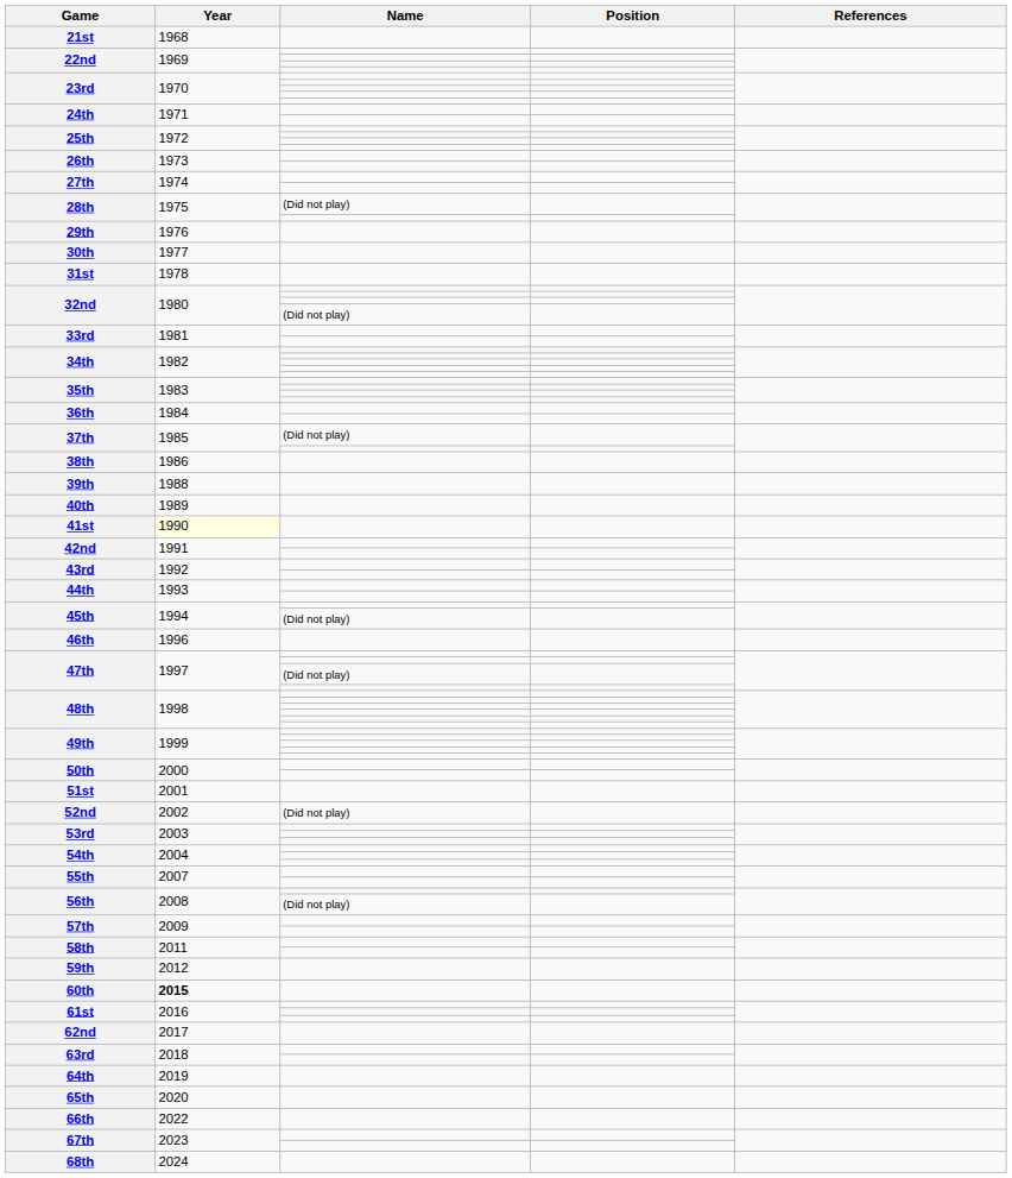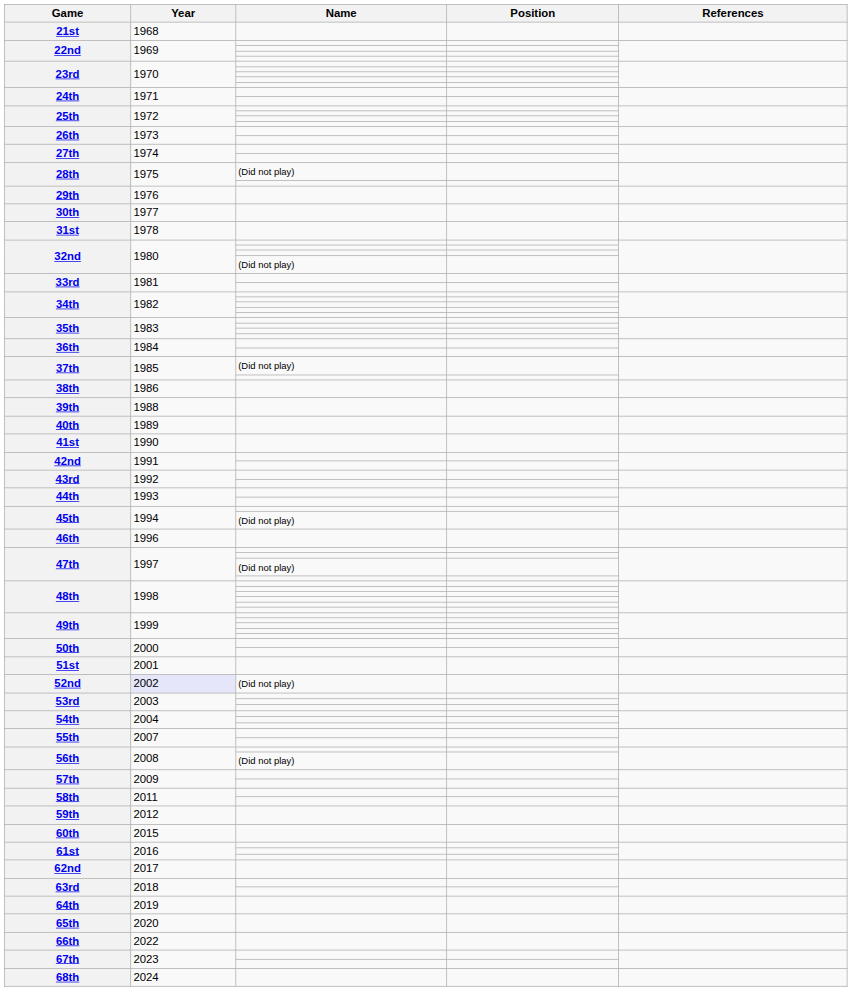 <table class="wikitable sortable" width="75%">
 <tr>
 <th scope="col">Game</th>
 <th scope="col">Year</th>
 <th scope="col">Name</th>
 <th scope="col">Position</th>
 <th scope="col" class="unsortable">References</th>
 </tr>
 <tr>
 <th scope="row"><a href='#'>21st</a></th>
 <td>1968</td>
 <td></td>
 <td></td>
 <td></td>
 </tr>
 <tr>
 <th scope="row" rowspan="4"><a href='#'>22nd</a></th>
 <td rowspan="4">1969</td>
 <td></td>
 <td></td>
 <td rowspan="4"></td>
 </tr>
 <tr>
 <td></td>
 <td></td>
 </tr>
 <tr>
 <td></td>
 <td></td>
 </tr>
 <tr>
 <td></td>
 <td></td>
 </tr>
 <tr>
 <th scope="row" rowspan="5"><a href='#'>23rd</a></th>
 <td rowspan="5">1970</td>
 <td></td>
 <td></td>
 <td rowspan="5"></td>
 </tr>
 <tr>
 <td></td>
 <td></td>
 </tr>
 <tr>
 <td></td>
 <td></td>
 </tr>
 <tr>
 <td></td>
 <td></td>
 </tr>
 <tr>
 <td></td>
 <td></td>
 </tr>
 <tr>
 <th scope="row" rowspan="2"><a href='#'>24th</a></th>
 <td rowspan="2">1971</td>
 <td></td>
 <td></td>
 <td rowspan="2"></td>
 </tr>
 <tr>
 <td></td>
 <td></td>
 </tr>
 <tr>
 <th scope="row" rowspan="4"><a href='#'>25th</a></th>
 <td rowspan="4">1972</td>
 <td></td>
 <td></td>
 <td rowspan="4"></td>
 </tr>
 <tr>
 <td></td>
 <td></td>
 </tr>
 <tr>
 <td></td>
 <td></td>
 </tr>
 <tr>
 <td></td>
 <td></td>
 </tr>
 <tr>
 <th scope="row" rowspan="2"><a href='#'>26th</a></th>
 <td rowspan="2">1973</td>
 <td></td>
 <td></td>
 <td rowspan="2"></td>
 </tr>
 <tr>
 <td></td>
 <td></td>
 </tr>
 <tr>
 <th scope="row" rowspan="2"><a href='#'>27th</a></th>
 <td rowspan="2">1974</td>
 <td></td>
 <td></td>
 <td rowspan="2"></td>
 </tr>
 <tr>
 <td></td>
 <td></td>
 </tr>
 <tr>
 <th scope="row" rowspan="2"><a href='#'>28th</a></th>
 <td rowspan="2">1975</td>
 <td> <small>(Did not play)</small></td>
 <td></td>
 <td rowspan="2"></td>
 </tr>
 <tr>
 <td></td>
 <td></td>
 </tr>
 <tr>
 <th scope="row"><a href='#'>29th</a></th>
 <td>1976</td>
 <td></td>
 <td></td>
 <td></td>
 </tr>
 <tr>
 <th scope="row"><a href='#'>30th</a></th>
 <td>1977</td>
 <td></td>
 <td></td>
 <td></td>
 </tr>
 <tr>
 <th scope="row"><a href='#'>31st</a></th>
 <td>1978</td>
 <td></td>
 <td></td>
 <td></td>
 </tr>
 <tr>
 <th scope="row" rowspan="4"><a href='#'>32nd</a></th>
 <td rowspan="4">1980</td>
 <td></td>
 <td></td>
 <td rowspan="4"></td>
 </tr>
 <tr>
 <td></td>
 <td></td>
 </tr>
 <tr>
 <td></td>
 <td></td>
 </tr>
 <tr>
 <td> <small>(Did not play)</small></td>
 <td></td>
 </tr>
 <tr>
 <th scope="row" rowspan="2"><a href='#'>33rd</a></th>
 <td rowspan="2">1981</td>
 <td></td>
 <td></td>
 <td rowspan="2"></td>
 </tr>
 <tr>
 <td></td>
 <td></td>
 </tr>
 <tr>
 <th scope="row" rowspan="5"><a href='#'>34th</a></th>
 <td rowspan="5">1982</td>
 <td></td>
 <td></td>
 <td rowspan="5"></td>
 </tr>
 <tr>
 <td></td>
 <td></td>
 </tr>
 <tr>
 <td></td>
 <td></td>
 </tr>
 <tr>
 <td></td>
 <td></td>
 </tr>
 <tr>
 <td></td>
 <td></td>
 </tr>
 <tr>
 <th scope="row" rowspan="4"><a href='#'>35th</a></th>
 <td rowspan="4">1983</td>
 <td></td>
 <td></td>
 <td rowspan="4"></td>
 </tr>
 <tr>
 <td></td>
 <td></td>
 </tr>
 <tr>
 <td></td>
 <td></td>
 </tr>
 <tr>
 <td></td>
 <td></td>
 </tr>
 <tr>
 <th scope="row" rowspan="2"><a href='#'>36th</a></th>
 <td rowspan="2">1984</td>
 <td></td>
 <td></td>
 <td rowspan="2"></td>
 </tr>
 <tr>
 <td></td>
 <td></td>
 </tr>
 <tr>
 <th scope="row" rowspan="2"><a href='#'>37th</a></th>
 <td rowspan="2">1985</td>
 <td> <small>(Did not play)</small></td>
 <td></td>
 <td rowspan="2"></td>
 </tr>
 <tr>
 <td></td>
 <td></td>
 </tr>
 <tr>
 <th scope="row"><a href='#'>38th</a></th>
 <td>1986</td>
 <td></td>
 <td></td>
 <td></td>
 </tr>
 <tr>
 <th scope="row"><a href='#'>39th</a></th>
 <td>1988</td>
 <td></td>
 <td></td>
 <td></td>
 </tr>
 <tr>
 <th scope="row"><a href='#'>40th</a></th>
 <td>1989</td>
 <td></td>
 <td></td>
 <td></td>
 </tr>
 <tr>
 <th scope="row"><a href='#'>41st</a></th>
-<td style="background: lightyellow;">1990</td>
+<td>1990</td>
 <td></td>
 <td></td>
 <td></td>
 </tr>
 <tr>
 <th scope="row" rowspan="2"><a href='#'>42nd</a></th>
 <td rowspan="2">1991</td>
 <td></td>
 <td></td>
 <td rowspan="2"></td>
 </tr>
 <tr>
 <td></td>
 <td></td>
 </tr>
 <tr>
 <th scope="row" rowspan="2"><a href='#'>43rd</a></th>
 <td rowspan="2">1992</td>
 <td></td>
 <td></td>
 <td rowspan="2"></td>
 </tr>
 <tr>
 <td></td>
 <td></td>
 </tr>
 <tr>
 <th scope="row" rowspan="2"><a href='#'>44th</a></th>
 <td rowspan="2">1993</td>
 <td></td>
 <td></td>
 <td rowspan="2"></td>
 </tr>
 <tr>
 <td></td>
 <td></td>
 </tr>
 <tr>
 <th scope="row" rowspan="2"><a href='#'>45th</a></th>
 <td rowspan="2">1994</td>
 <td></td>
 <td></td>
 <td rowspan="2"></td>
 </tr>
 <tr>
 <td> <small>(Did not play)</small></td>
 <td></td>
 </tr>
 <tr>
 <th scope="row"><a href='#'>46th</a></th>
 <td>1996</td>
 <td></td>
 <td></td>
 <td></td>
 </tr>
 <tr>
 <th scope="row" rowspan="4"><a href='#'>47th</a></th>
 <td rowspan="4">1997</td>
 <td></td>
 <td></td>
 <td rowspan="4"></td>
 </tr>
 <tr>
 <td></td>
 <td></td>
 </tr>
 <tr>
 <td> <small>(Did not play)</small></td>
 <td></td>
 </tr>
 <tr>
 <td></td>
 <td></td>
 </tr>
 <tr>
 <th scope="row" rowspan="6"><a href='#'>48th</a></th>
 <td rowspan="6">1998</td>
 <td></td>
 <td></td>
 <td rowspan="6"></td>
 </tr>
 <tr>
 <td></td>
 <td></td>
 </tr>
 <tr>
 <td></td>
 <td></td>
 </tr>
 <tr>
 <td></td>
 <td></td>
 </tr>
 <tr>
 <td></td>
 <td></td>
 </tr>
 <tr>
 <td></td>
 <td></td>
 </tr>
 <tr>
 <th scope="row" rowspan="5"><a href='#'>49th</a></th>
 <td rowspan="5">1999</td>
 <td></td>
 <td></td>
 <td rowspan="5"></td>
 </tr>
 <tr>
 <td></td>
 <td></td>
 </tr>
 <tr>
 <td></td>
 <td></td>
 </tr>
 <tr>
 <td></td>
 <td></td>
 </tr>
 <tr>
 <td></td>
 <td></td>
 </tr>
 <tr>
 <th scope="row" rowspan="2"><a href='#'>50th</a></th>
 <td rowspan="2">2000</td>
 <td></td>
 <td></td>
 <td rowspan="2"></td>
 </tr>
 <tr>
 <td></td>
 <td></td>
 </tr>
 <tr>
 <th scope="row"><a href='#'>51st</a></th>
 <td>2001</td>
 <td></td>
 <td></td>
 <td></td>
 </tr>
 <tr>
 <th scope="row"><a href='#'>52nd</a></th>
-<td>2002</td>
+<td style="background: lavender;">2002</td>
 <td> <small>(Did not play)</small></td>
 <td></td>
 <td></td>
 </tr>
 <tr>
 <th scope="row" rowspan="3"><a href='#'>53rd</a></th>
 <td rowspan="3">2003</td>
 <td></td>
 <td></td>
 <td rowspan="3"></td>
 </tr>
 <tr>
 <td></td>
 <td></td>
 </tr>
 <tr>
 <td></td>
 <td></td>
 </tr>
 <tr>
 <th scope="row" rowspan="3"><a href='#'>54th</a></th>
 <td rowspan="3">2004</td>
 <td></td>
 <td></td>
 <td rowspan="3"></td>
 </tr>
 <tr>
 <td></td>
 <td></td>
 </tr>
 <tr>
 <td></td>
 <td></td>
 </tr>
 <tr>
 <th scope="row" rowspan="2"><a href='#'>55th</a></th>
 <td rowspan="2">2007</td>
 <td></td>
 <td></td>
 <td rowspan="2"></td>
 </tr>
 <tr>
 <td></td>
 <td></td>
 </tr>
 <tr>
 <th scope="row" rowspan="2"><a href='#'>56th</a></th>
 <td rowspan="2">2008</td>
 <td></td>
 <td></td>
 <td rowspan="2"></td>
 </tr>
 <tr>
 <td> <small>(Did not play)</small></td>
 <td></td>
 </tr>
 <tr>
 <th scope="row" rowspan="2"><a href='#'>57th</a></th>
 <td rowspan="2">2009</td>
 <td></td>
 <td></td>
 <td rowspan="2"></td>
 </tr>
 <tr>
 <td></td>
 <td></td>
 </tr>
 <tr>
 <th scope="row" rowspan="2"><a href='#'>58th</a></th>
 <td rowspan="2">2011</td>
 <td></td>
 <td></td>
 <td rowspan="2"></td>
 </tr>
 <tr>
 <td></td>
 <td></td>
 </tr>
 <tr>
 <th scope="row"><a href='#'>59th</a></th>
 <td>2012</td>
 <td></td>
 <td></td>
 <td></td>
 </tr>
 <tr>
 <th scope="row"><a href='#'>60th</a></th>
-<td><strong>2015</strong></td>
+<td>2015</td>
 <td></td>
 <td></td>
 <td></td>
 </tr>
 <tr>
 <th scope="row" rowspan="3"><a href='#'>61st</a></th>
 <td rowspan="3">2016</td>
 <td></td>
 <td></td>
 <td rowspan="3"></td>
 </tr>
 <tr>
 <td></td>
 <td></td>
 </tr>
 <tr>
 <td></td>
 <td></td>
 </tr>
 <tr>
 <th scope="row"><a href='#'>62nd</a></th>
 <td>2017</td>
 <td></td>
 <td></td>
 <td></td>
 </tr>
 <tr>
 <th scope="row" rowspan="2"><a href='#'>63rd</a></th>
 <td rowspan="2">2018</td>
 <td></td>
 <td></td>
 <td rowspan="2"></td>
 </tr>
 <tr>
 <td></td>
 <td></td>
 </tr>
 <tr>
 <th scope="row"><a href='#'>64th</a></th>
 <td>2019</td>
 <td></td>
 <td></td>
 <td></td>
 </tr>
 <tr>
 <th scope="row"><a href='#'>65th</a></th>
 <td>2020</td>
 <td></td>
 <td></td>
 <td></td>
 </tr>
 <tr>
 <th scope="row"><a href='#'>66th</a></th>
 <td>2022</td>
 <td></td>
 <td></td>
 <td></td>
 </tr>
 <tr>
 <th scope="row" rowspan="2"><a href='#'>67th</a></th>
 <td rowspan="2">2023</td>
 <td></td>
 <td></td>
 <td rowspan="2"></td>
 </tr>
 <tr>
 <td></td>
 <td></td>
 </tr>
 <tr>
 <th scope="row"><a href='#'>68th</a></th>
 <td>2024</td>
 <td></td>
 <td></td>
 <td></td>
 </tr>
 </table>
